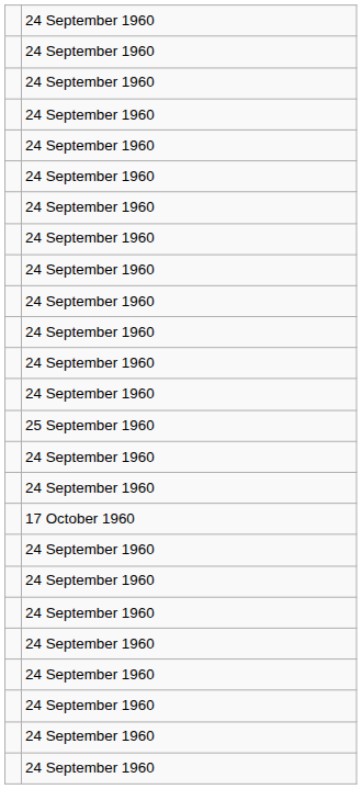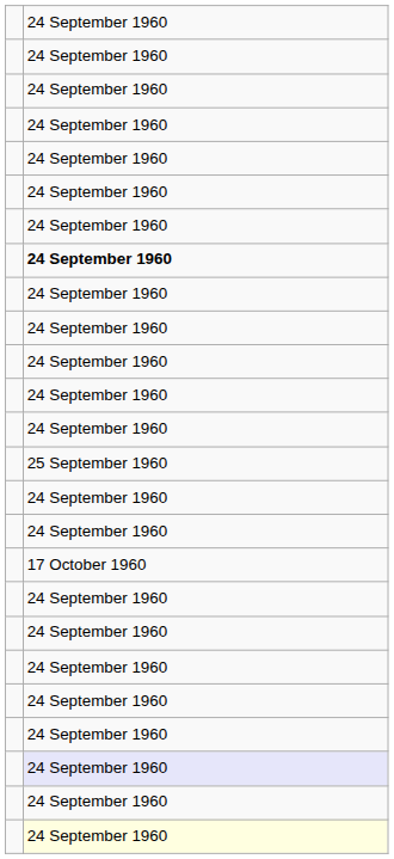 <table class="wikitable" style="font-size: 89%; float: left; width: 24em; margin-right: 1em; line-height: 1.65em">
 <tr>
 <td></td>
 <td>24 September 1960</td>
 </tr>
 <tr>
 <td></td>
 <td>24 September 1960</td>
 </tr>
 <tr>
 <td></td>
 <td>24 September 1960</td>
 </tr>
 <tr>
 <td></td>
 <td>24 September 1960</td>
 </tr>
 <tr>
 <td></td>
 <td>24 September 1960</td>
 </tr>
 <tr>
 <td></td>
 <td>24 September 1960</td>
 </tr>
 <tr>
 <td></td>
 <td>24 September 1960</td>
 </tr>
 <tr>
 <td></td>
-<td>24 September 1960</td>
+<td><strong>24 September 1960</strong></td>
 </tr>
 <tr>
 <td></td>
 <td>24 September 1960</td>
 </tr>
 <tr>
 <td></td>
 <td>24 September 1960</td>
 </tr>
 <tr>
 <td></td>
 <td>24 September 1960</td>
 </tr>
 <tr>
 <td></td>
 <td>24 September 1960</td>
 </tr>
 <tr>
 <td></td>
 <td>24 September 1960</td>
 </tr>
 <tr>
 <td></td>
 <td>25 September 1960</td>
 </tr>
 <tr>
 <td></td>
 <td>24 September 1960</td>
 </tr>
 <tr>
 <td></td>
 <td>24 September 1960</td>
 </tr>
 <tr>
 <td></td>
 <td>17 October 1960</td>
 </tr>
 <tr>
 <td></td>
 <td>24 September 1960</td>
 </tr>
 <tr>
 <td></td>
 <td>24 September 1960</td>
 </tr>
 <tr>
 <td></td>
 <td>24 September 1960</td>
 </tr>
 <tr>
 <td></td>
 <td>24 September 1960</td>
 </tr>
 <tr>
 <td></td>
 <td>24 September 1960</td>
 </tr>
 <tr>
 <td></td>
-<td>24 September 1960</td>
+<td style="background: lavender;">24 September 1960</td>
 </tr>
 <tr>
 <td></td>
 <td>24 September 1960</td>
 </tr>
 <tr>
 <td></td>
-<td>24 September 1960</td>
+<td style="background: lightyellow;">24 September 1960</td>
 </tr>
 </table>
